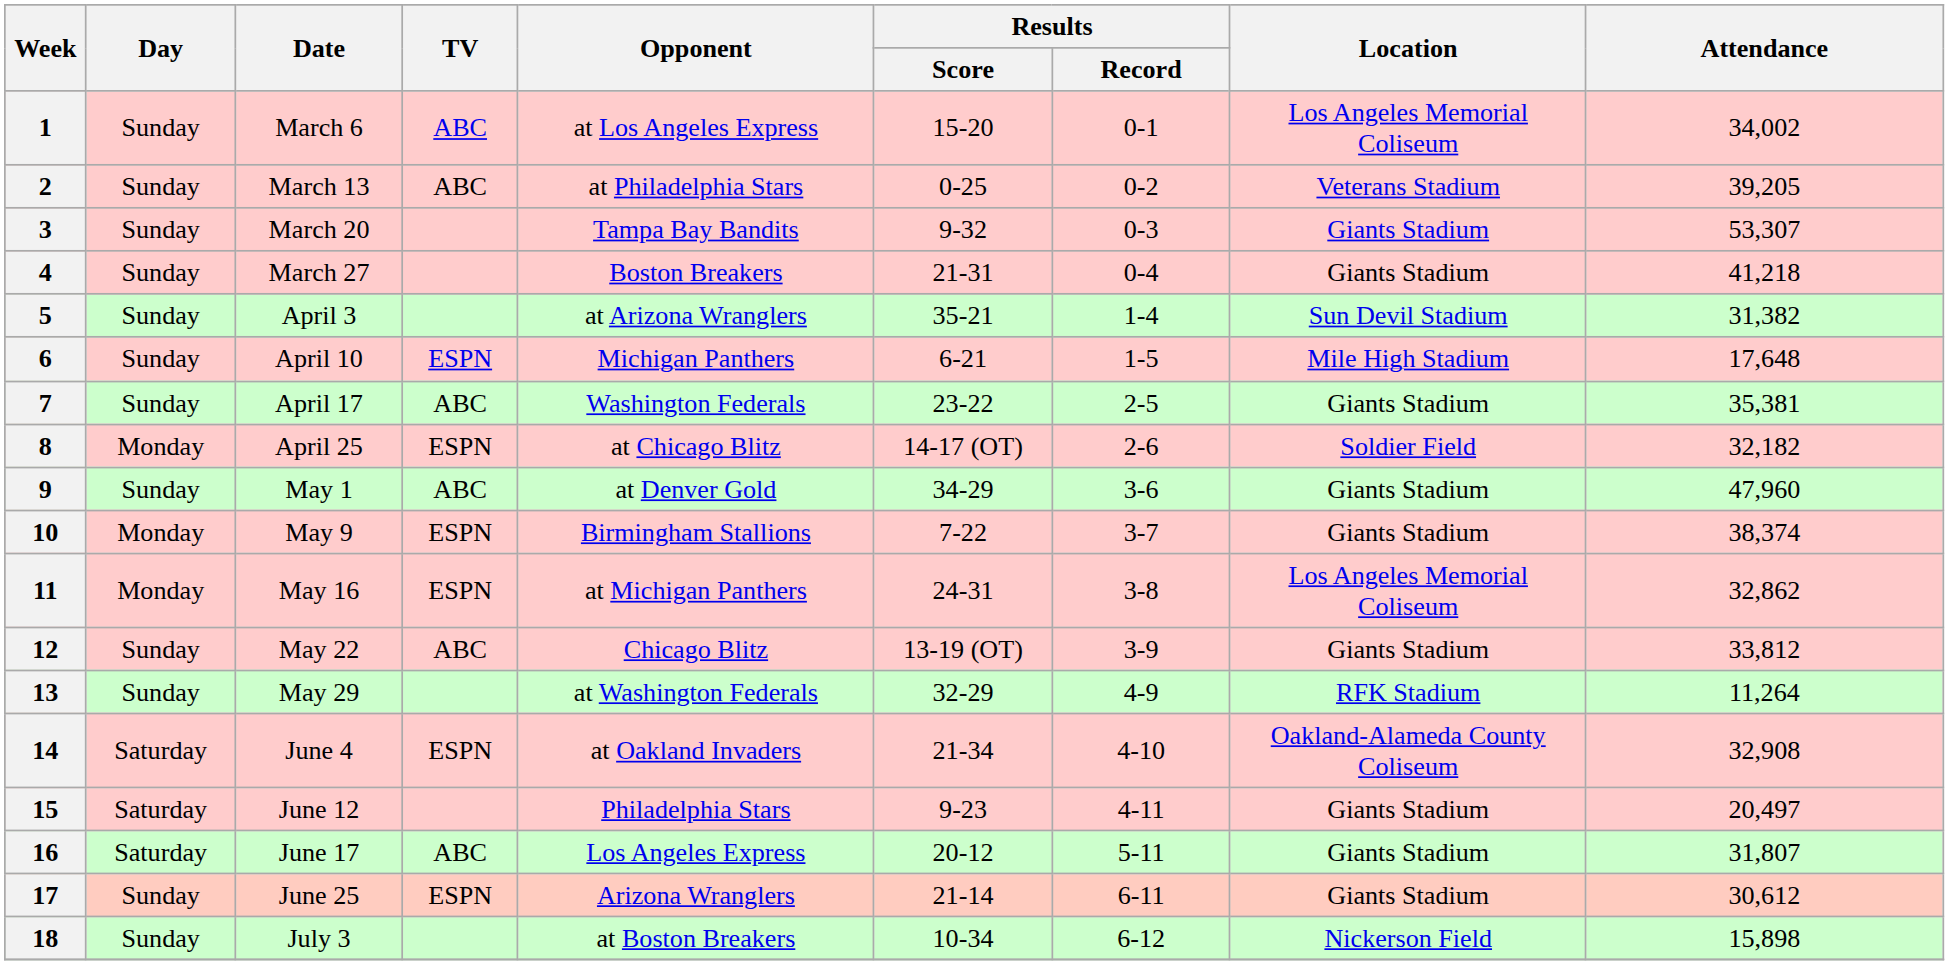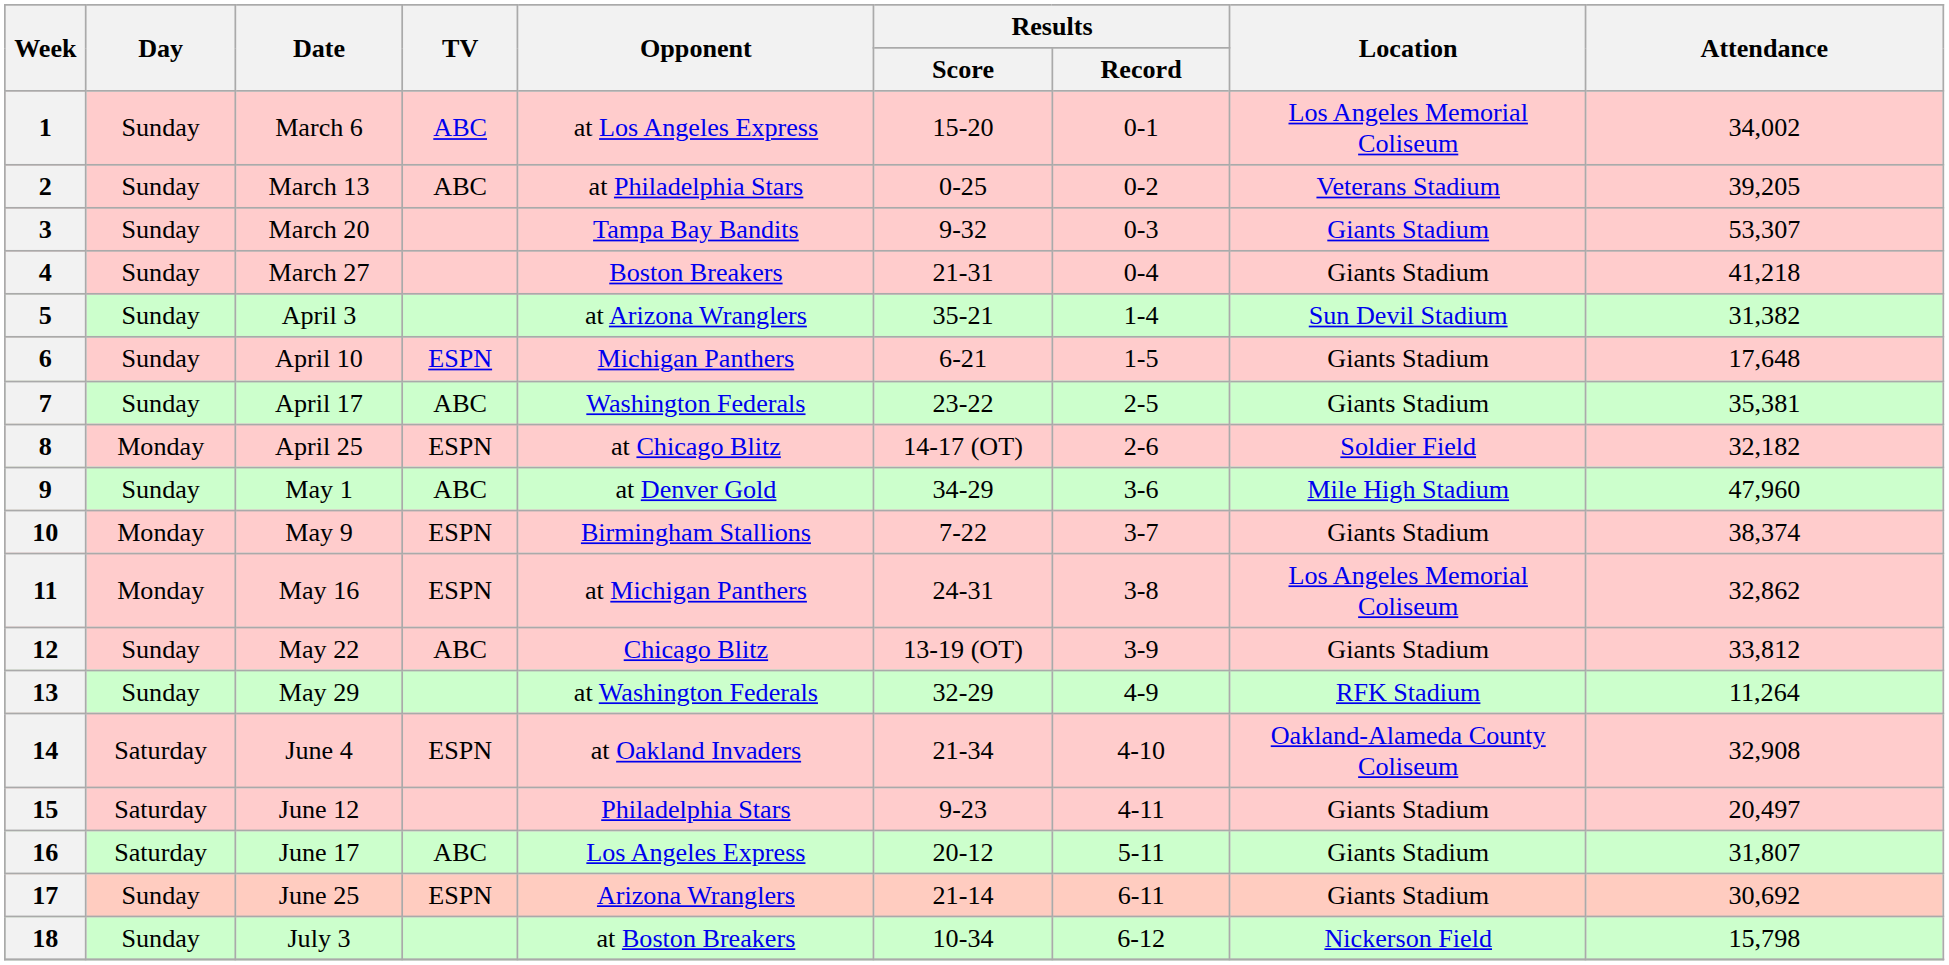 <table class="wikitable" style="text-align:center; font-size: 95%;">
 <tr>
 <th rowspan="2" width="40">Week</th>
 <th rowspan="2" width="80">Day</th>
 <th rowspan="2" width="90">Date</th>
 <th rowspan="2" width="60">TV</th>
 <th rowspan="2" width="200">Opponent</th>
 <th colspan="2" width="200">Results</th>
 <th rowspan="2" width="200">Location</th>
 <th rowspan="2" width="200">Attendance</th>
 </tr>
 <tr>
 <th width="60">Score</th>
 <th width="60">Record</th>
 </tr>
 <tr bgcolor=#ffcccc>
 <th>1</th>
 <td>Sunday</td>
 <td>March 6</td>
 <td><a href='#'>ABC</a></td>
 <td>at <a href='#'>Los Angeles Express</a></td>
 <td>15-20</td>
 <td>0-1</td>
 <td><a href='#'>Los Angeles Memorial Coliseum</a></td>
 <td>34,002</td>
 </tr>
 <tr bgcolor=#ffcccc>
 <th>2</th>
 <td>Sunday</td>
 <td>March 13</td>
 <td>ABC</td>
 <td>at <a href='#'>Philadelphia Stars</a></td>
 <td>0-25</td>
 <td>0-2</td>
 <td><a href='#'>Veterans Stadium</a></td>
 <td>39,205</td>
 </tr>
 <tr bgcolor=#ffcccc>
 <th>3</th>
 <td>Sunday</td>
 <td>March 20</td>
 <td></td>
 <td><a href='#'>Tampa Bay Bandits</a></td>
 <td>9-32</td>
 <td>0-3</td>
 <td><a href='#'>Giants Stadium</a></td>
 <td>53,307</td>
 </tr>
 <tr bgcolor=#ffcccc>
 <th>4</th>
 <td>Sunday</td>
 <td>March 27</td>
 <td></td>
 <td><a href='#'>Boston Breakers</a></td>
 <td>21-31</td>
 <td>0-4</td>
 <td>Giants Stadium</td>
 <td>41,218</td>
 </tr>
 <tr bgcolor=#ccffcc>
 <th>5</th>
 <td>Sunday</td>
 <td>April 3</td>
 <td></td>
 <td>at <a href='#'>Arizona Wranglers</a></td>
 <td>35-21</td>
 <td>1-4</td>
 <td><a href='#'>Sun Devil Stadium</a></td>
 <td>31,382</td>
 </tr>
 <tr bgcolor=#ffcccc>
 <th>6</th>
 <td>Sunday</td>
 <td>April 10</td>
 <td><a href='#'>ESPN</a></td>
 <td><a href='#'>Michigan Panthers</a></td>
 <td>6-21</td>
 <td>1-5</td>
-<td><a href='#'>Mile High Stadium</a></td>
+<td>Giants Stadium</td>
 <td>17,648</td>
 </tr>
 <tr bgcolor=#ccffcc>
 <th>7</th>
 <td>Sunday</td>
 <td>April 17</td>
 <td>ABC</td>
 <td><a href='#'>Washington Federals</a></td>
 <td>23-22</td>
 <td>2-5</td>
 <td>Giants Stadium</td>
 <td>35,381</td>
 </tr>
 <tr bgcolor=#ffcccc>
 <th>8</th>
 <td>Monday</td>
 <td>April 25</td>
 <td>ESPN</td>
 <td>at <a href='#'>Chicago Blitz</a></td>
 <td>14-17 (OT)</td>
 <td>2-6</td>
 <td><a href='#'>Soldier Field</a></td>
 <td>32,182</td>
 </tr>
 <tr bgcolor=#ccffcc>
 <th>9</th>
 <td>Sunday</td>
 <td>May 1</td>
 <td>ABC</td>
 <td>at <a href='#'>Denver Gold</a></td>
 <td>34-29</td>
 <td>3-6</td>
-<td>Giants Stadium</td>
+<td><a href='#'>Mile High Stadium</a></td>
 <td>47,960</td>
 </tr>
 <tr bgcolor=#ffcccc>
 <th>10</th>
 <td>Monday</td>
 <td>May 9</td>
 <td>ESPN</td>
 <td><a href='#'>Birmingham Stallions</a></td>
 <td>7-22</td>
 <td>3-7</td>
 <td>Giants Stadium</td>
 <td>38,374</td>
 </tr>
 <tr bgcolor=#ffcccc>
 <th>11</th>
 <td>Monday</td>
 <td>May 16</td>
 <td>ESPN</td>
 <td>at <a href='#'>Michigan Panthers</a></td>
 <td>24-31</td>
 <td>3-8</td>
 <td><a href='#'>Los Angeles Memorial Coliseum</a></td>
 <td>32,862</td>
 </tr>
 <tr bgcolor=#ffcccc>
 <th>12</th>
 <td>Sunday</td>
 <td>May 22</td>
 <td>ABC</td>
 <td><a href='#'>Chicago Blitz</a></td>
 <td>13-19 (OT)</td>
 <td>3-9</td>
 <td>Giants Stadium</td>
 <td>33,812</td>
 </tr>
 <tr bgcolor=#ccffcc>
 <th>13</th>
 <td>Sunday</td>
 <td>May 29</td>
 <td></td>
 <td>at <a href='#'>Washington Federals</a></td>
 <td>32-29</td>
 <td>4-9</td>
 <td><a href='#'>RFK Stadium</a></td>
 <td>11,264</td>
 </tr>
 <tr bgcolor=#ffcccc>
 <th>14</th>
 <td>Saturday</td>
 <td>June 4</td>
 <td>ESPN</td>
 <td>at <a href='#'>Oakland Invaders</a></td>
 <td>21-34</td>
 <td>4-10</td>
 <td><a href='#'>Oakland-Alameda County Coliseum</a></td>
 <td>32,908</td>
 </tr>
 <tr bgcolor=#ffcccc>
 <th>15</th>
 <td>Saturday</td>
 <td>June 12</td>
 <td></td>
 <td><a href='#'>Philadelphia Stars</a></td>
 <td>9-23</td>
 <td>4-11</td>
 <td>Giants Stadium</td>
 <td>20,497</td>
 </tr>
 <tr bgcolor=#ccffcc>
 <th>16</th>
 <td>Saturday</td>
 <td>June 17</td>
 <td>ABC</td>
 <td><a href='#'>Los Angeles Express</a></td>
 <td>20-12</td>
 <td>5-11</td>
 <td>Giants Stadium</td>
 <td>31,807</td>
 </tr>
 <tr bgcolor=#ffccc>
 <th>17</th>
 <td>Sunday</td>
 <td>June 25</td>
 <td>ESPN</td>
 <td><a href='#'>Arizona Wranglers</a></td>
 <td>21-14</td>
 <td>6-11</td>
 <td>Giants Stadium</td>
-<td>30,612</td>
+<td>30,692</td>
 </tr>
 <tr bgcolor=#ccffcc>
 <th>18</th>
 <td>Sunday</td>
 <td>July 3</td>
 <td></td>
 <td>at <a href='#'>Boston Breakers</a></td>
 <td>10-34</td>
 <td>6-12</td>
 <td><a href='#'>Nickerson Field</a></td>
-<td>15,898</td>
+<td>15,798</td>
 </tr>
 <tr bgcolor=#ccffcc>
 </tr>
 </table>
